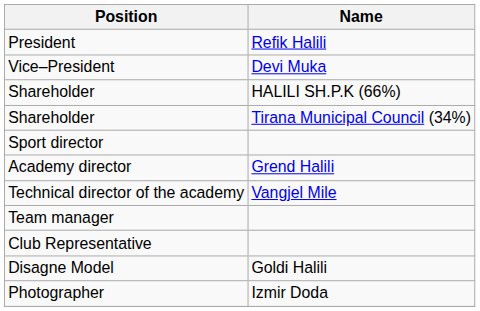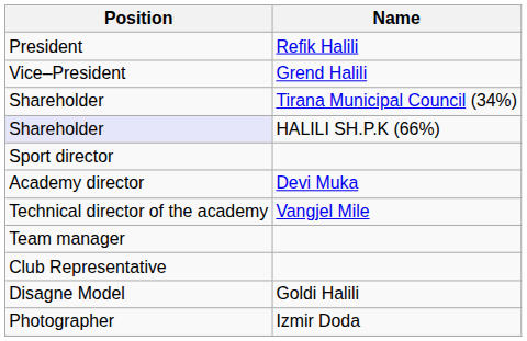 <table class="wikitable">
 <tr>
 <th>Position</th>
 <th>Name</th>
 </tr>
 <tr>
 <td>President</td>
 <td> <a href='#'>Refik Halili</a></td>
 </tr>
 <tr>
 <td>Vice–President</td>
-<td> <a href='#'>Devi Muka</a></td>
-</tr>
-<tr>
-<td>Shareholder</td>
-<td>  HALILI SH.P.K (66%)</td>
+<td> <a href='#'>Grend Halili</a></td>
 </tr>
 <tr>
 <td>Shareholder</td>
 <td>  <a href='#'>Tirana Municipal Council</a> (34%)</td>
+</tr>
+<tr>
+<td style="background: lavender;">Shareholder</td>
+<td>  HALILI SH.P.K (66%)</td>
 </tr>
 <tr>
 <td>Sport director</td>
 <td></td>
 </tr>
 <tr>
 <td>Academy director</td>
-<td> <a href='#'>Grend Halili</a></td>
+<td> <a href='#'>Devi Muka</a></td>
 </tr>
 <tr>
 <td>Technical director of the academy</td>
 <td> <a href='#'>Vangjel Mile</a></td>
 </tr>
 <tr>
 <td>Team manager</td>
 <td></td>
 </tr>
 <tr>
 <td>Club Representative</td>
 <td></td>
 </tr>
 <tr>
 <td>Disagne Model</td>
 <td> Goldi Halili</td>
 </tr>
 <tr>
 <td>Photographer</td>
 <td> Izmir Doda</td>
 </tr>
 <tr>
 </tr>
 </table>
